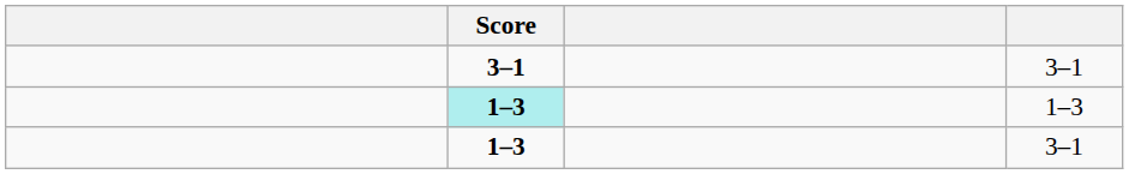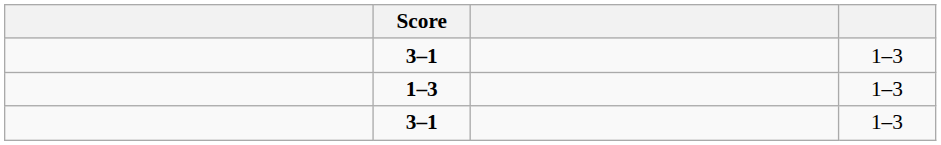 <table class="wikitable" style="text-align: center; ">
 <tr>
 <th align="right" width="270"></th>
 <th width="65">Score</th>
 <th align="left" width="270"></th>
 <th width="65"></th>
 </tr>
 <tr>
 <td align="left"><strong></strong></td>
 <td><strong>3–1</strong></td>
 <td align="left"></td>
-<td>3–1 <strong></strong></td>
+<td>1–3 <strong></strong></td>
 </tr>
 <tr>
 <td align="left"></td>
-<td style="background: paleturquoise;"><strong>1–3</strong></td>
+<td><strong>1–3</strong></td>
 <td align="left"><strong></strong></td>
 <td>1–3 <strong></strong></td>
 </tr>
 <tr>
 <td align="left"><strong></strong></td>
-<td><strong>1–3</strong></td>
+<td><strong>3–1</strong></td>
 <td align="left"></td>
-<td>3–1 <strong></strong></td>
+<td>1–3 <strong></strong></td>
 </tr>
 </table>
